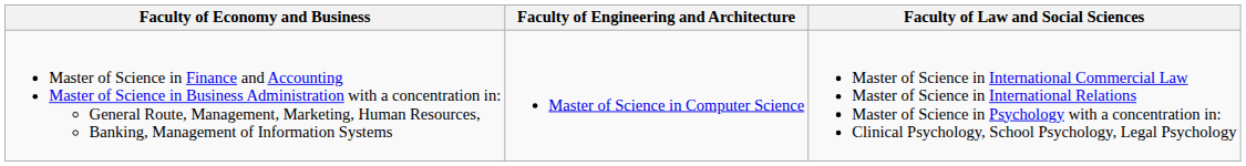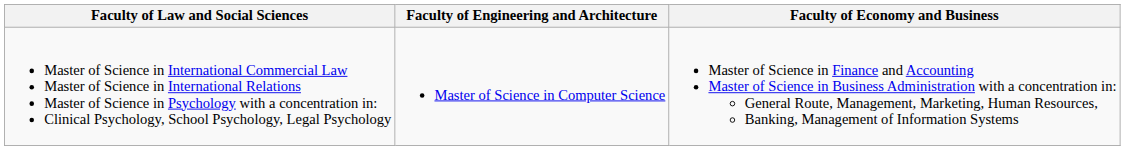 <table class="wikitable">
 <tr>
+<th>Faculty of Law and Social Sciences</th>
+<th>Faculty of Engineering and Architecture</th>
 <th>Faculty of Economy and Business</th>
-<th>Faculty of Engineering and Architecture</th>
-<th>Faculty of Law and Social Sciences</th>
 </tr>
 <tr>
+<td><br><ul><li>Master of Science in <a href='#'>International Commercial Law</a></li><li>Master of Science in <a href='#'>International Relations</a></li><li>Master of Science in <a href='#'>Psychology</a> with a concentration in:</li><li>Clinical Psychology, School Psychology, Legal  Psychology</li></ul></td>
+<td><br><ul><li><a href='#'>Master of Science in Computer Science</a></li></ul></td>
 <td><br><ul><li>Master of Science in <a href='#'>Finance</a> and <a href='#'>Accounting</a></li><li><a href='#'>Master of Science in Business Administration</a> with a concentration in:<ul><li>General Route, Management, Marketing, Human Resources,</li><li>Banking, Management of Information  Systems</li></ul></li></ul></td>
-<td><br><ul><li><a href='#'>Master of Science in Computer Science</a></li></ul></td>
-<td><br><ul><li>Master of Science in <a href='#'>International Commercial Law</a></li><li>Master of Science in <a href='#'>International Relations</a></li><li>Master of Science in <a href='#'>Psychology</a> with a concentration in:</li><li>Clinical Psychology, School Psychology, Legal  Psychology</li></ul></td>
 </tr>
 </table>
